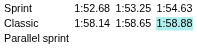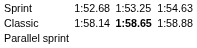 <table>
 <tr>
 <td>Sprint</td>
 <td></td>
 <td>1:52.68</td>
 <td></td>
 <td>1:53.25</td>
 <td></td>
 <td>1:54.63</td>
 </tr>
 <tr>
 <td>Classic</td>
 <td></td>
 <td>1:58.14</td>
 <td></td>
-<td>1:58.65</td>
+<td><strong>1:58.65</strong></td>
 <td></td>
-<td style="background: paleturquoise;">1:58.88</td>
+<td>1:58.88</td>
 </tr>
 <tr>
 <td>Parallel sprint</td>
 <td colspan="2"></td>
 <td colspan="2"></td>
 <td colspan="2"></td>
 </tr>
 </table>
